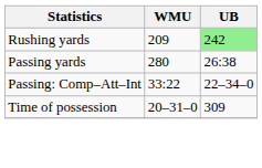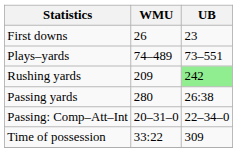 <table class="wikitable" style="float: left;">
 <tr>
 <th>Statistics</th>
 <th>WMU</th>
 <th>UB</th>
+</tr>
+<tr>
+<td>First downs</td>
+<td>26</td>
+<td>23</td>
+</tr>
+<tr>
+<td>Plays–yards</td>
+<td>74–489</td>
+<td>73–551</td>
 </tr>
 <tr>
 <td>Rushing yards</td>
 <td>209</td>
 <td style="background: lightgreen;">242</td>
 </tr>
 <tr>
 <td>Passing yards</td>
 <td>280</td>
 <td>26:38</td>
 </tr>
 <tr>
 <td>Passing: Comp–Att–Int</td>
-<td>33:22</td>
+<td>20–31–0</td>
 <td>22–34–0</td>
 </tr>
 <tr>
 <td>Time of possession</td>
-<td>20–31–0</td>
+<td>33:22</td>
 <td>309</td>
 </tr>
 <tr>
 </tr>
 </table>
